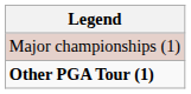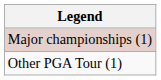 <table class="wikitable" style="font-size:95%;">
 <tr>
 <th>Legend</th>
 </tr>
 <tr class="major" style="background:#e5d1cb;">
 <td>Major championships (1)</td>
 </tr>
 <tr>
-<td><strong>Other PGA Tour (1)</strong></td>
+<td>Other PGA Tour (1)</td>
 </tr>
 </table>
